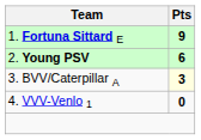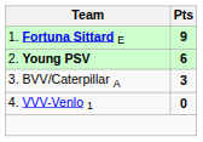 <table class="wikitable" style="text-align:center; float:left; margin-right:1em">
 <tr>
 <th style="width:200px">Team</th>
 <th width=20>Pts</th>
 </tr>
 <tr bgcolor=ccffcc>
 <td align=left>1. <strong><a href='#'>Fortuna Sittard</a></strong> <sub>E</sub></td>
 <td><strong>9</strong></td>
 </tr>
 <tr bgcolor=ccffcc>
 <td align=left>2. <strong>Young PSV</strong></td>
 <td><strong>6</strong></td>
 </tr>
 <tr>
 <td align=left>3. BVV/Caterpillar <sub>A</sub></td>
-<td style="background: lightyellow;"><strong>3</strong></td>
+<td><strong>3</strong></td>
 </tr>
 <tr>
 <td align=left>4. <a href='#'>VVV-Venlo</a> <sub>1</sub></td>
 <td><strong>0</strong></td>
 </tr>
 <tr>
 <td colspan=2> </td>
 </tr>
 </table>
